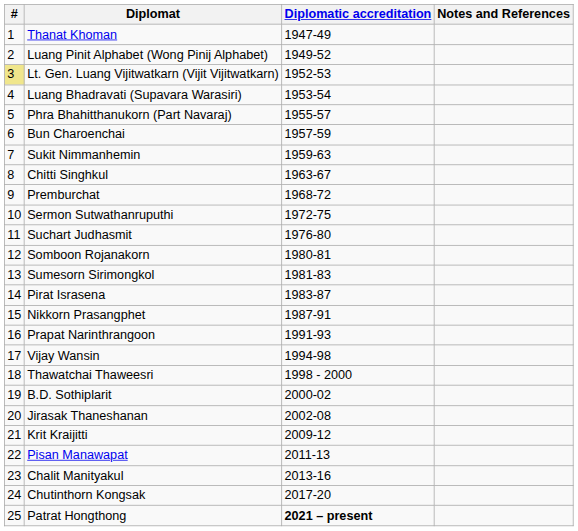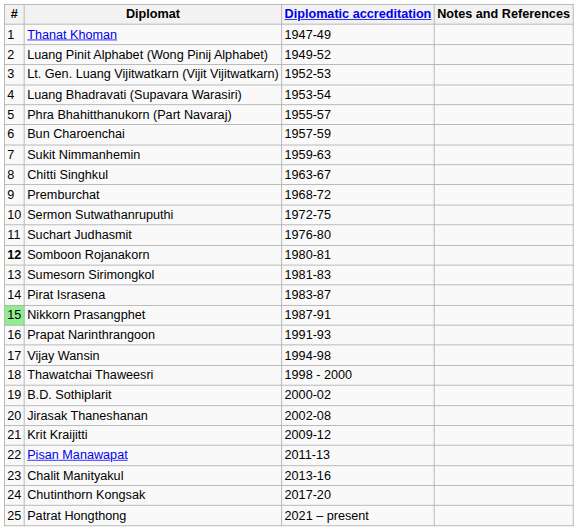 <table class="wikitable sortable">
 <tr>
 <th>#</th>
 <th>Diplomat</th>
 <th><a href='#'>Diplomatic accreditation</a></th>
 <th>Notes and References</th>
 </tr>
 <tr>
 <td>1</td>
 <td><a href='#'>Thanat Khoman</a></td>
 <td>1947-49</td>
 <td></td>
 </tr>
 <tr>
 <td>2</td>
 <td>Luang Pinit Alphabet (Wong Pinij Alphabet)</td>
 <td>1949-52</td>
 <td></td>
 </tr>
 <tr>
-<td style="background: khaki;">3</td>
+<td>3</td>
 <td>Lt. Gen. Luang Vijitwatkarn (Vijit Vijitwatkarn)</td>
 <td>1952-53</td>
 <td></td>
 </tr>
 <tr>
 <td>4</td>
 <td>Luang Bhadravati (Supavara Warasiri)</td>
 <td>1953-54</td>
 <td></td>
 </tr>
 <tr>
 <td>5</td>
 <td>Phra Bhahitthanukorn (Part Navaraj)</td>
 <td>1955-57</td>
 <td></td>
 </tr>
 <tr>
 <td>6</td>
 <td>Bun Charoenchai</td>
 <td>1957-59</td>
 <td></td>
 </tr>
 <tr>
 <td>7</td>
 <td>Sukit Nimmanhemin</td>
 <td>1959-63</td>
 <td></td>
 </tr>
 <tr>
 <td>8</td>
 <td>Chitti Singhkul</td>
 <td>1963-67</td>
 <td></td>
 </tr>
 <tr>
 <td>9</td>
 <td>Premburchat</td>
 <td>1968-72</td>
 <td></td>
 </tr>
 <tr>
 <td>10</td>
 <td>Sermon Sutwathanruputhi</td>
 <td>1972-75</td>
 <td></td>
 </tr>
 <tr>
 <td>11</td>
 <td>Suchart Judhasmit</td>
 <td>1976-80</td>
 <td></td>
 </tr>
 <tr>
-<td>12</td>
+<td><strong>12</strong></td>
 <td>Somboon Rojanakorn</td>
 <td>1980-81</td>
 </tr>
 <tr>
 <td>13</td>
 <td>Sumesorn Sirimongkol</td>
 <td>1981-83</td>
 <td></td>
 </tr>
 <tr>
 <td>14</td>
 <td>Pirat Israsena</td>
 <td>1983-87</td>
 <td></td>
 </tr>
 <tr>
-<td>15</td>
+<td style="background: lightgreen;">15</td>
 <td>Nikkorn Prasangphet</td>
 <td>1987-91</td>
 <td></td>
 </tr>
 <tr>
 <td>16</td>
 <td>Prapat Narinthrangoon</td>
 <td>1991-93</td>
 <td></td>
 </tr>
 <tr>
 <td>17</td>
 <td>Vijay Wansin</td>
 <td>1994-98</td>
 <td></td>
 </tr>
 <tr>
 <td>18</td>
 <td>Thawatchai Thaweesri</td>
 <td>1998 - 2000</td>
 <td></td>
 </tr>
 <tr>
 <td>19</td>
 <td>B.D. Sothiplarit</td>
 <td>2000-02</td>
 <td></td>
 </tr>
 <tr>
 <td>20</td>
 <td>Jirasak Thaneshanan</td>
 <td>2002-08</td>
 <td></td>
 </tr>
 <tr>
 <td>21</td>
 <td>Krit Kraijitti</td>
 <td>2009-12</td>
 <td></td>
 </tr>
 <tr>
 <td>22</td>
 <td><a href='#'>Pisan Manawapat</a></td>
 <td>2011-13</td>
 <td></td>
 </tr>
 <tr>
 <td>23</td>
 <td>Chalit Manityakul</td>
 <td>2013-16</td>
 <td></td>
 </tr>
 <tr>
 <td>24</td>
 <td>Chutinthorn Kongsak</td>
 <td>2017-20</td>
 <td></td>
 </tr>
 <tr>
 <td>25</td>
 <td>Patrat Hongthong</td>
-<td><strong>2021 – present</strong></td>
+<td>2021 – present</td>
 <td></td>
 </tr>
 </table>
